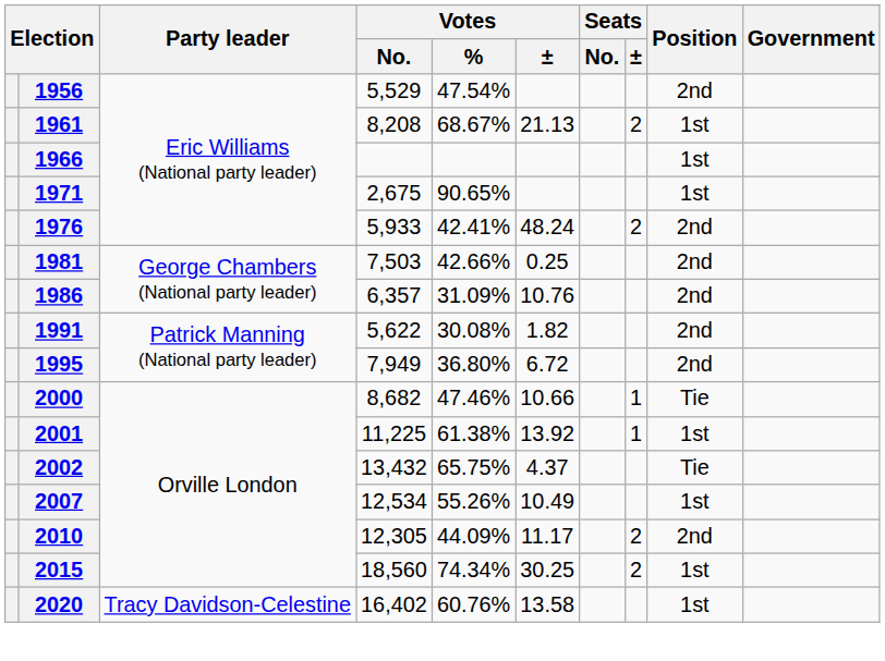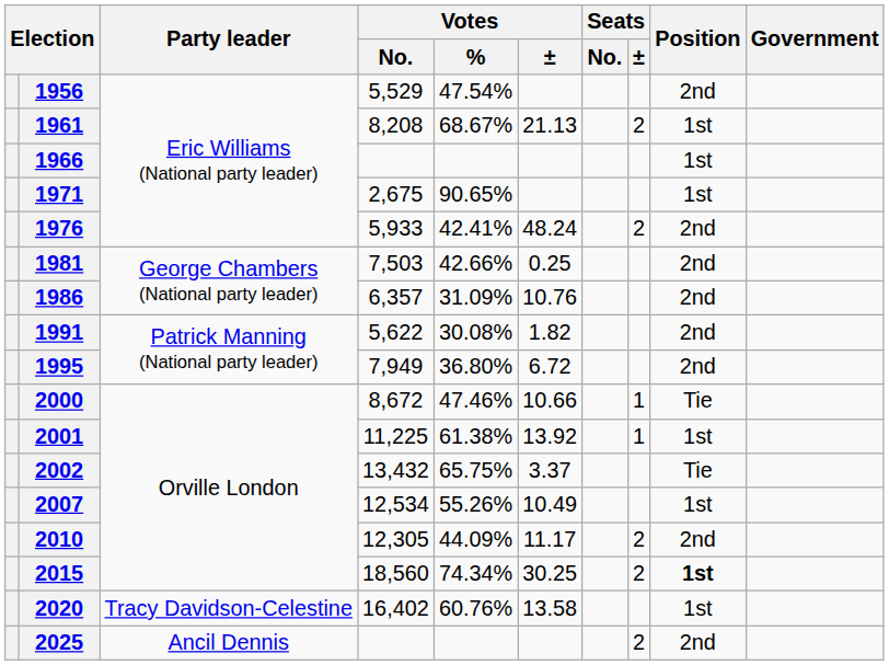 <table class="wikitable" style="text-align:center">
 <tr>
 <th colspan="2" rowspan="2"><strong>Election</strong></th>
 <th rowspan="2"><strong>Party leader</strong></th>
 <th colspan="3">Votes</th>
 <th colspan="2">Seats</th>
 <th rowspan="2"><strong>Position</strong></th>
 <th rowspan="2">Government</th>
 </tr>
 <tr>
 <th>No.</th>
 <th><strong>%</strong></th>
 <th>±</th>
 <th><strong>No.</strong></th>
 <th>±</th>
 </tr>
 <tr>
 <th style="background-color: "></th>
 <th><a href='#'>1956</a></th>
 <td rowspan="5"><a href='#'>Eric Williams</a><br><small>(National party leader)</small></td>
 <td>5,529</td>
 <td>47.54%</td>
 <td></td>
 <td></td>
 <td></td>
 <td>2nd</td>
 <td></td>
 </tr>
 <tr>
 <th style="background-color: "></th>
 <th><a href='#'>1961</a></th>
 <td>8,208</td>
 <td>68.67%</td>
 <td> 21.13</td>
 <td></td>
 <td> 2</td>
 <td> 1st</td>
 <td></td>
 </tr>
 <tr>
 <th style="background-color: "></th>
 <th><a href='#'>1966</a></th>
 <td></td>
 <td></td>
 <td></td>
 <td></td>
 <td></td>
 <td> 1st</td>
 <td></td>
 </tr>
 <tr>
 <th style="background-color: "></th>
 <th><a href='#'>1971</a></th>
 <td>2,675</td>
 <td>90.65%</td>
 <td></td>
 <td></td>
 <td></td>
 <td> 1st</td>
 <td></td>
 </tr>
 <tr>
 <th style="background-color: "></th>
 <th><a href='#'>1976</a></th>
 <td>5,933</td>
 <td>42.41%</td>
 <td> 48.24</td>
 <td></td>
 <td> 2</td>
 <td> 2nd</td>
 <td></td>
 </tr>
 <tr>
 <th style="background-color: "></th>
 <th><a href='#'>1981</a></th>
 <td rowspan="2"><a href='#'>George Chambers</a><br><small>(National party leader)</small></td>
 <td>7,503</td>
 <td>42.66%</td>
 <td> 0.25</td>
 <td></td>
 <td></td>
 <td> 2nd</td>
 <td></td>
 </tr>
 <tr>
 <th style="background-color: "></th>
 <th><a href='#'>1986</a></th>
 <td>6,357</td>
 <td>31.09%</td>
 <td> 10.76</td>
 <td></td>
 <td></td>
 <td> 2nd</td>
 <td></td>
 </tr>
 <tr>
 <th style="background-color: "></th>
 <th><a href='#'>1991</a></th>
 <td rowspan="2"><a href='#'>Patrick Manning</a><br><small>(National party leader)</small></td>
 <td>5,622</td>
 <td>30.08%</td>
 <td> 1.82</td>
 <td></td>
 <td></td>
 <td> 2nd</td>
 <td></td>
 </tr>
 <tr>
 <th style="background-color: "></th>
 <th><a href='#'>1995</a></th>
 <td>7,949</td>
 <td>36.80%</td>
 <td> 6.72</td>
 <td></td>
 <td></td>
 <td> 2nd</td>
 <td></td>
 </tr>
 <tr>
 <th style="background-color: "></th>
 <th><a href='#'>2000</a></th>
 <td rowspan="6">Orville London</td>
-<td>8,682</td>
+<td>8,672</td>
 <td>47.46%</td>
 <td> 10.66</td>
 <td></td>
 <td> 1</td>
 <td> Tie</td>
 <td></td>
 </tr>
 <tr>
 <th style="background-color: "></th>
 <th><a href='#'>2001</a></th>
 <td>11,225</td>
 <td>61.38%</td>
 <td> 13.92</td>
 <td></td>
 <td> 1</td>
 <td> 1st</td>
 <td></td>
 </tr>
 <tr>
 <th style="background-color: "></th>
 <th><a href='#'>2002</a></th>
 <td>13,432</td>
 <td>65.75%</td>
-<td> 4.37</td>
+<td> 3.37</td>
 <td></td>
 <td></td>
 <td> Tie</td>
 <td></td>
 </tr>
 <tr>
 <th style="background-color: "></th>
 <th><a href='#'>2007</a></th>
 <td>12,534</td>
 <td>55.26%</td>
 <td> 10.49</td>
 <td></td>
 <td></td>
 <td> 1st</td>
 <td></td>
 </tr>
 <tr>
 <th style="background-color: "></th>
 <th><a href='#'>2010</a></th>
 <td>12,305</td>
 <td>44.09%</td>
 <td> 11.17</td>
 <td></td>
 <td> 2</td>
 <td> 2nd</td>
 <td></td>
 </tr>
 <tr>
 <th style="background-color: "></th>
 <th><a href='#'>2015</a></th>
 <td>18,560</td>
 <td>74.34%</td>
 <td> 30.25</td>
 <td></td>
 <td> 2</td>
-<td> 1st</td>
+<td><strong> 1st</strong></td>
 <td></td>
 </tr>
 <tr>
 <th style="background-color: "></th>
 <th><a href='#'>2020</a></th>
 <td><a href='#'>Tracy Davidson-Celestine</a></td>
 <td>16,402</td>
 <td>60.76%</td>
 <td> 13.58</td>
 <td></td>
 <td></td>
 <td> 1st</td>
 <td></td>
 </tr>
+<tr>
+<th style="background-color: "></th>
+<th><a href='#'>2025</a></th>
+<td><a href='#'>Ancil Dennis</a></td>
+<td></td>
+<td></td>
+<td></td>
+<td></td>
+<td> 2</td>
+<td> 2nd</td>
+<td></td>
+</tr>
 </table>
